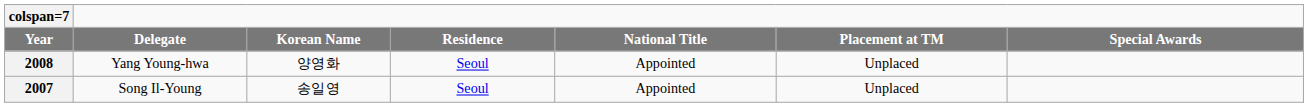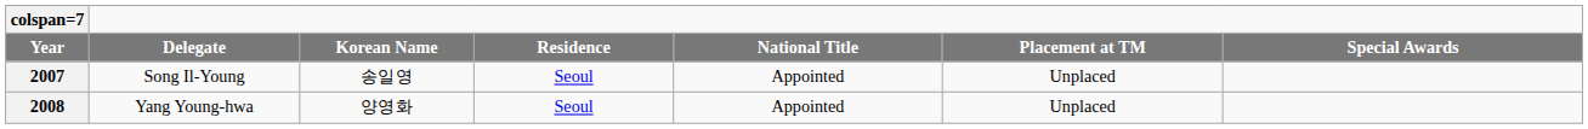 <table class="wikitable sortable" style="font-size: 85%; text-align:center">
 <tr>
 <th>colspan=7 </th>
 </tr>
 <tr>
 <th width="60" style="background-color:#787878;color:#FFFFFF;">Year</th>
 <th width="170" style="background-color:#787878;color:#FFFFFF;">Delegate</th>
 <th width="140" style="background-color:#787878;color:#FFFFFF;">Korean Name</th>
 <th width="160" style="background-color:#787878;color:#FFFFFF;">Residence</th>
 <th width="220" style="background-color:#787878;color:#FFFFFF;">National Title</th>
 <th width="230" style="background-color:#787878;color:#FFFFFF;">Placement at TM</th>
 <th width="300" style="background-color:#787878;color:#FFFFFF;">Special Awards</th>
 </tr>
 <tr>
+<th>2007</th>
+<td>Song Il-Young</td>
+<td>송일영</td>
+<td><a href='#'>Seoul</a></td>
+<td>Appointed</td>
+<td>Unplaced</td>
+<td></td>
+</tr>
+<tr>
 <th>2008</th>
 <td>Yang Young-hwa</td>
 <td>양영화</td>
 <td><a href='#'>Seoul</a></td>
 <td>Appointed</td>
 <td>Unplaced</td>
 <td></td>
 </tr>
-<tr>
-<th>2007</th>
-<td>Song Il-Young</td>
-<td>송일영</td>
-<td><a href='#'>Seoul</a></td>
-<td>Appointed</td>
-<td>Unplaced</td>
-<td></td>
-</tr>
 </table>
